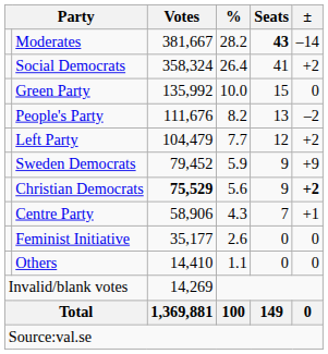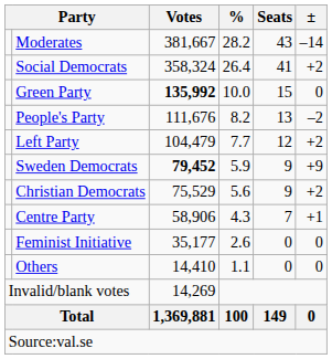 <table class=wikitable style=text-align:right>
 <tr>
 <th colspan=2>Party</th>
 <th>Votes</th>
 <th>%</th>
 <th>Seats</th>
 <th>±</th>
 </tr>
 <tr>
 <td bgcolor=></td>
 <td align=left><a href='#'>Moderates</a></td>
 <td>381,667</td>
 <td>28.2</td>
-<td><strong>43</strong></td>
+<td>43</td>
 <td>–14</td>
 </tr>
 <tr>
 <td bgcolor=></td>
 <td align=left><a href='#'>Social Democrats</a></td>
 <td>358,324</td>
 <td>26.4</td>
 <td>41</td>
 <td>+2</td>
 </tr>
 <tr>
 <td bgcolor=></td>
 <td align=left><a href='#'>Green Party</a></td>
-<td>135,992</td>
+<td><strong>135,992</strong></td>
 <td>10.0</td>
 <td>15</td>
 <td>0</td>
 </tr>
 <tr>
 <td bgcolor=></td>
 <td align=left><a href='#'>People's Party</a></td>
 <td>111,676</td>
 <td>8.2</td>
 <td>13</td>
 <td>–2</td>
 </tr>
 <tr>
 <td bgcolor=></td>
 <td align=left><a href='#'>Left Party</a></td>
 <td>104,479</td>
 <td>7.7</td>
 <td>12</td>
 <td>+2</td>
 </tr>
 <tr>
 <td bgcolor=></td>
 <td align=left><a href='#'>Sweden Democrats</a></td>
-<td>79,452</td>
+<td><strong>79,452</strong></td>
 <td>5.9</td>
 <td>9</td>
 <td>+9</td>
 </tr>
 <tr>
 <td bgcolor=></td>
 <td align=left><a href='#'>Christian Democrats</a></td>
-<td><strong>75,529</strong></td>
+<td>75,529</td>
 <td>5.6</td>
 <td>9</td>
-<td><strong>+2</strong></td>
+<td>+2</td>
 </tr>
 <tr>
 <td bgcolor=></td>
 <td align=left><a href='#'>Centre Party</a></td>
 <td>58,906</td>
 <td>4.3</td>
 <td>7</td>
 <td>+1</td>
 </tr>
 <tr>
 <td bgcolor=></td>
 <td align=left><a href='#'>Feminist Initiative</a></td>
 <td>35,177</td>
 <td>2.6</td>
 <td>0</td>
 <td>0</td>
 </tr>
 <tr>
 <td></td>
 <td align=left><a href='#'>Others</a></td>
 <td>14,410</td>
 <td>1.1</td>
 <td>0</td>
 <td>0</td>
 </tr>
 <tr>
 <td align=left colspan=2>Invalid/blank votes</td>
 <td>14,269</td>
 <td colspan=3></td>
 </tr>
 <tr>
 <th align=left colspan=2>Total</th>
 <th>1,369,881</th>
 <th>100</th>
 <th>149</th>
 <th>0</th>
 </tr>
 <tr>
 <td align=left colspan=6>Source:val.se </td>
 </tr>
 </table>
